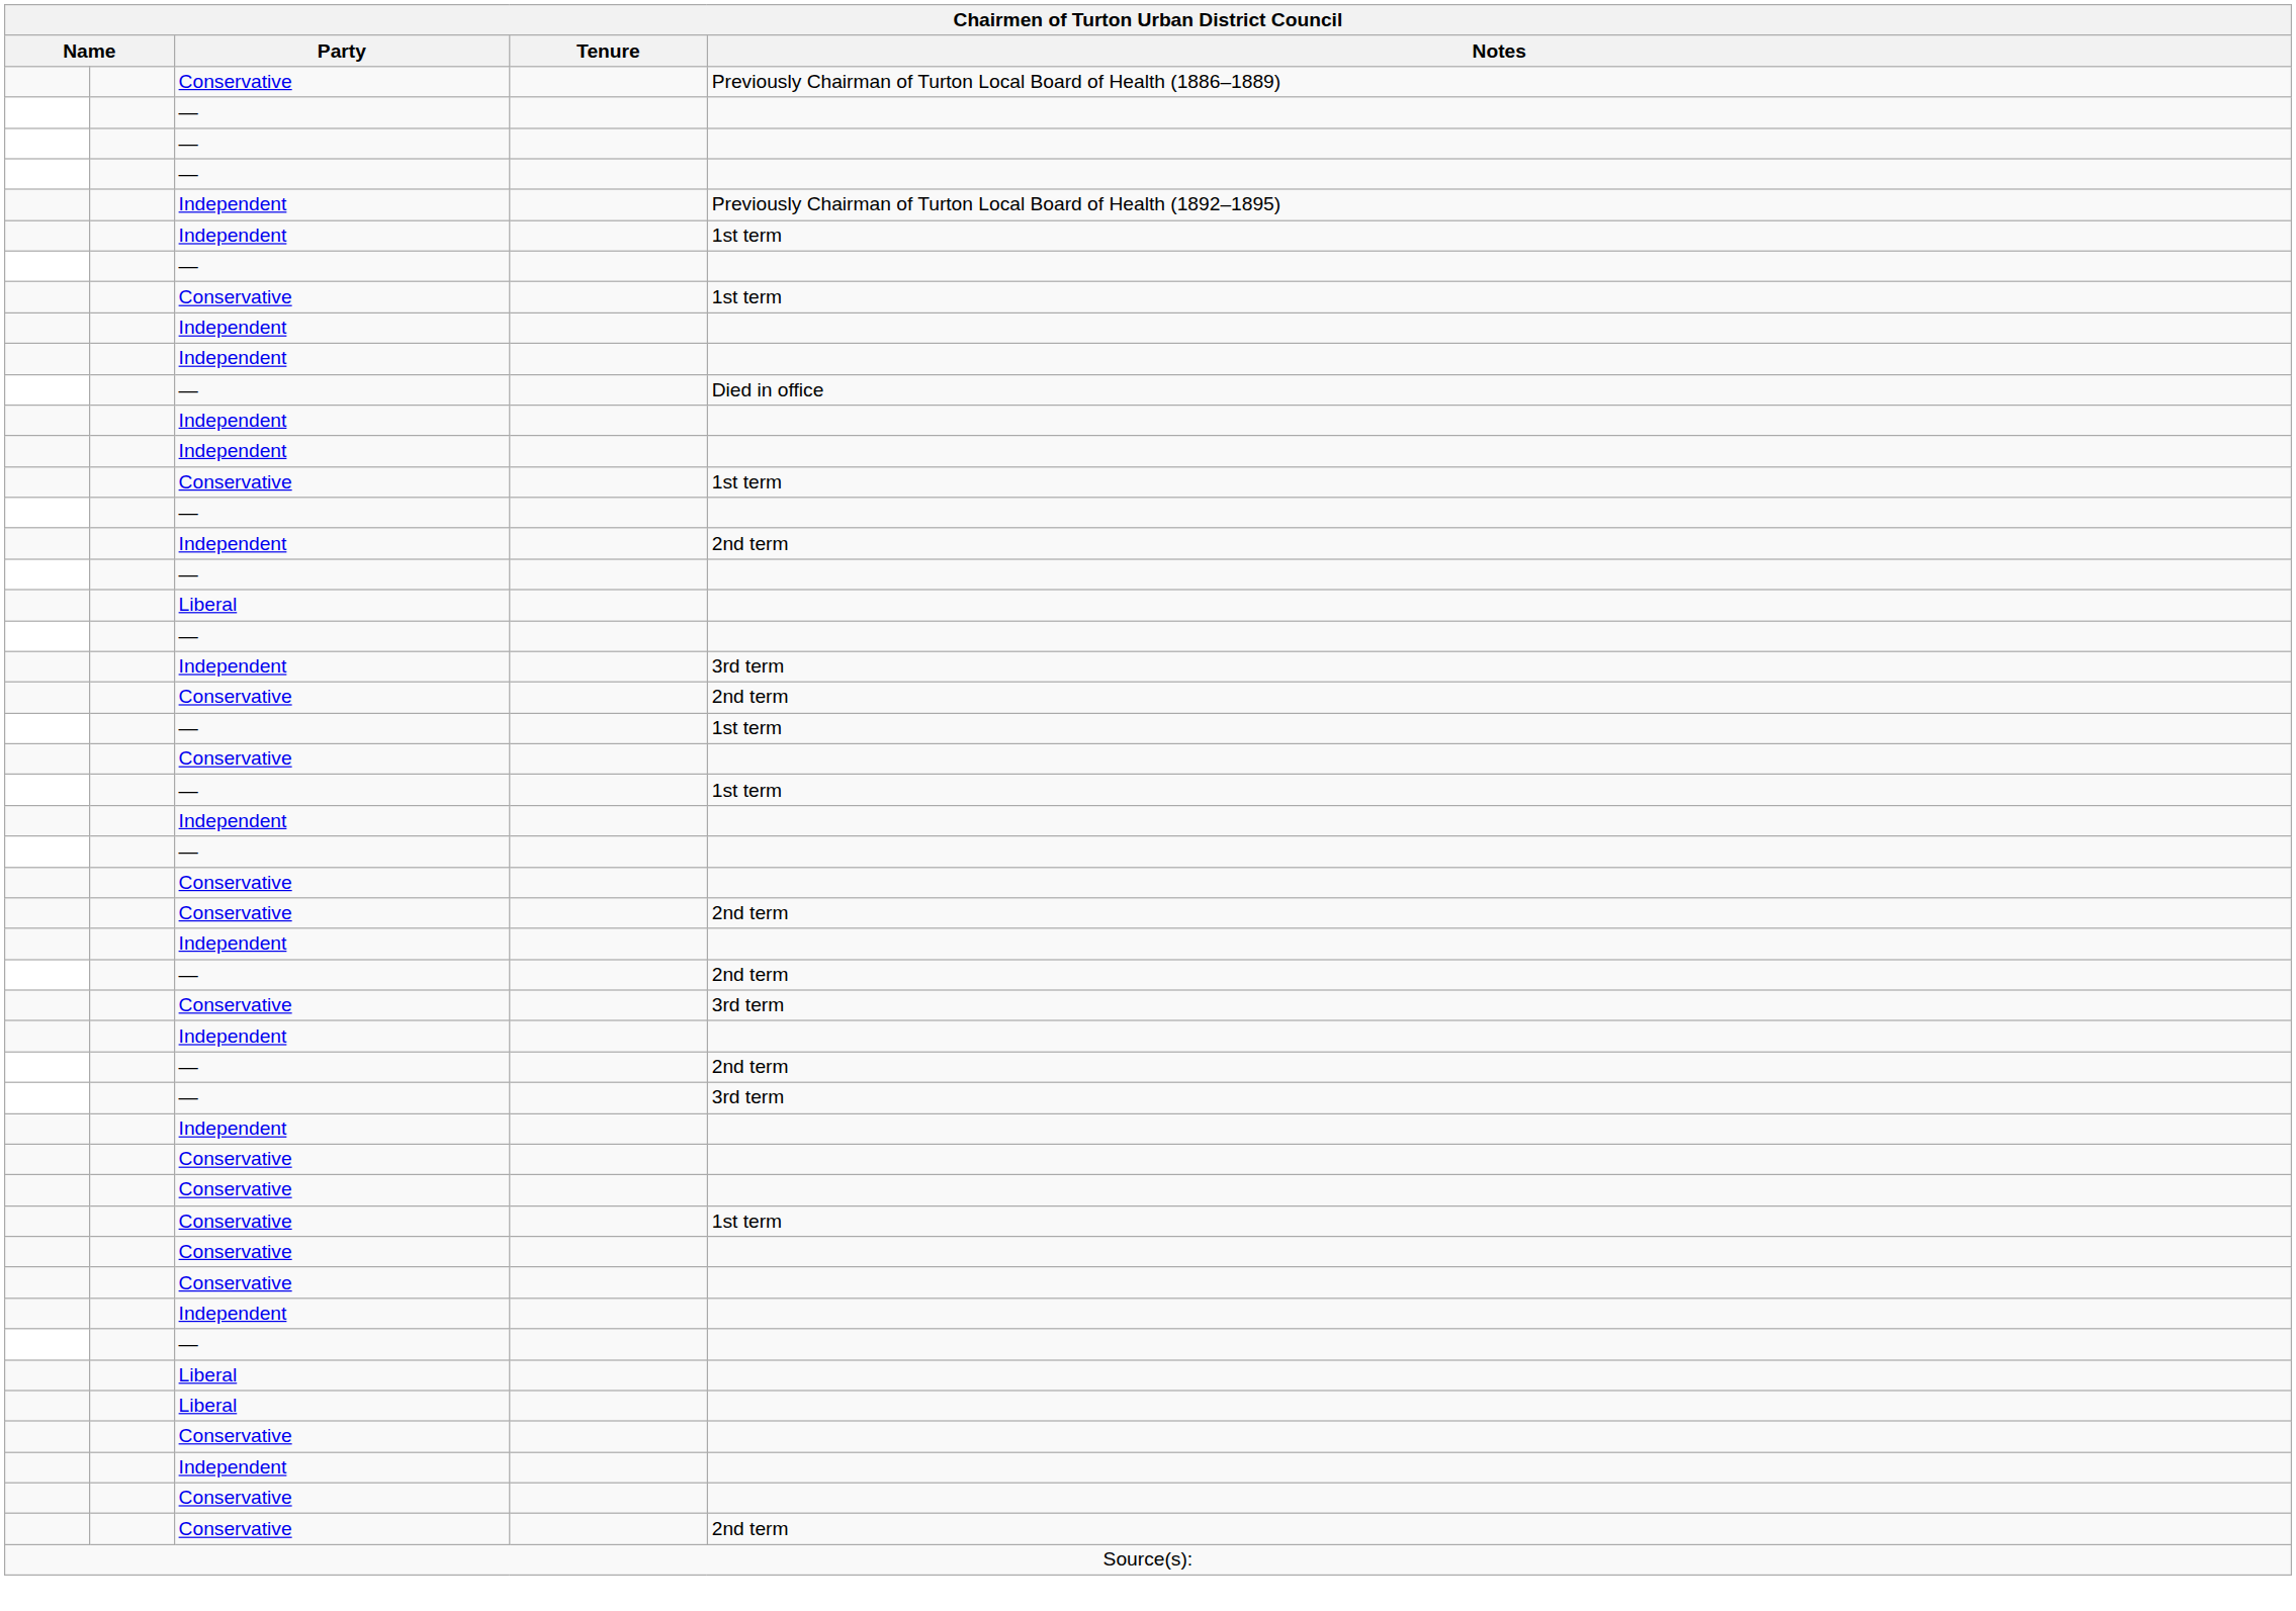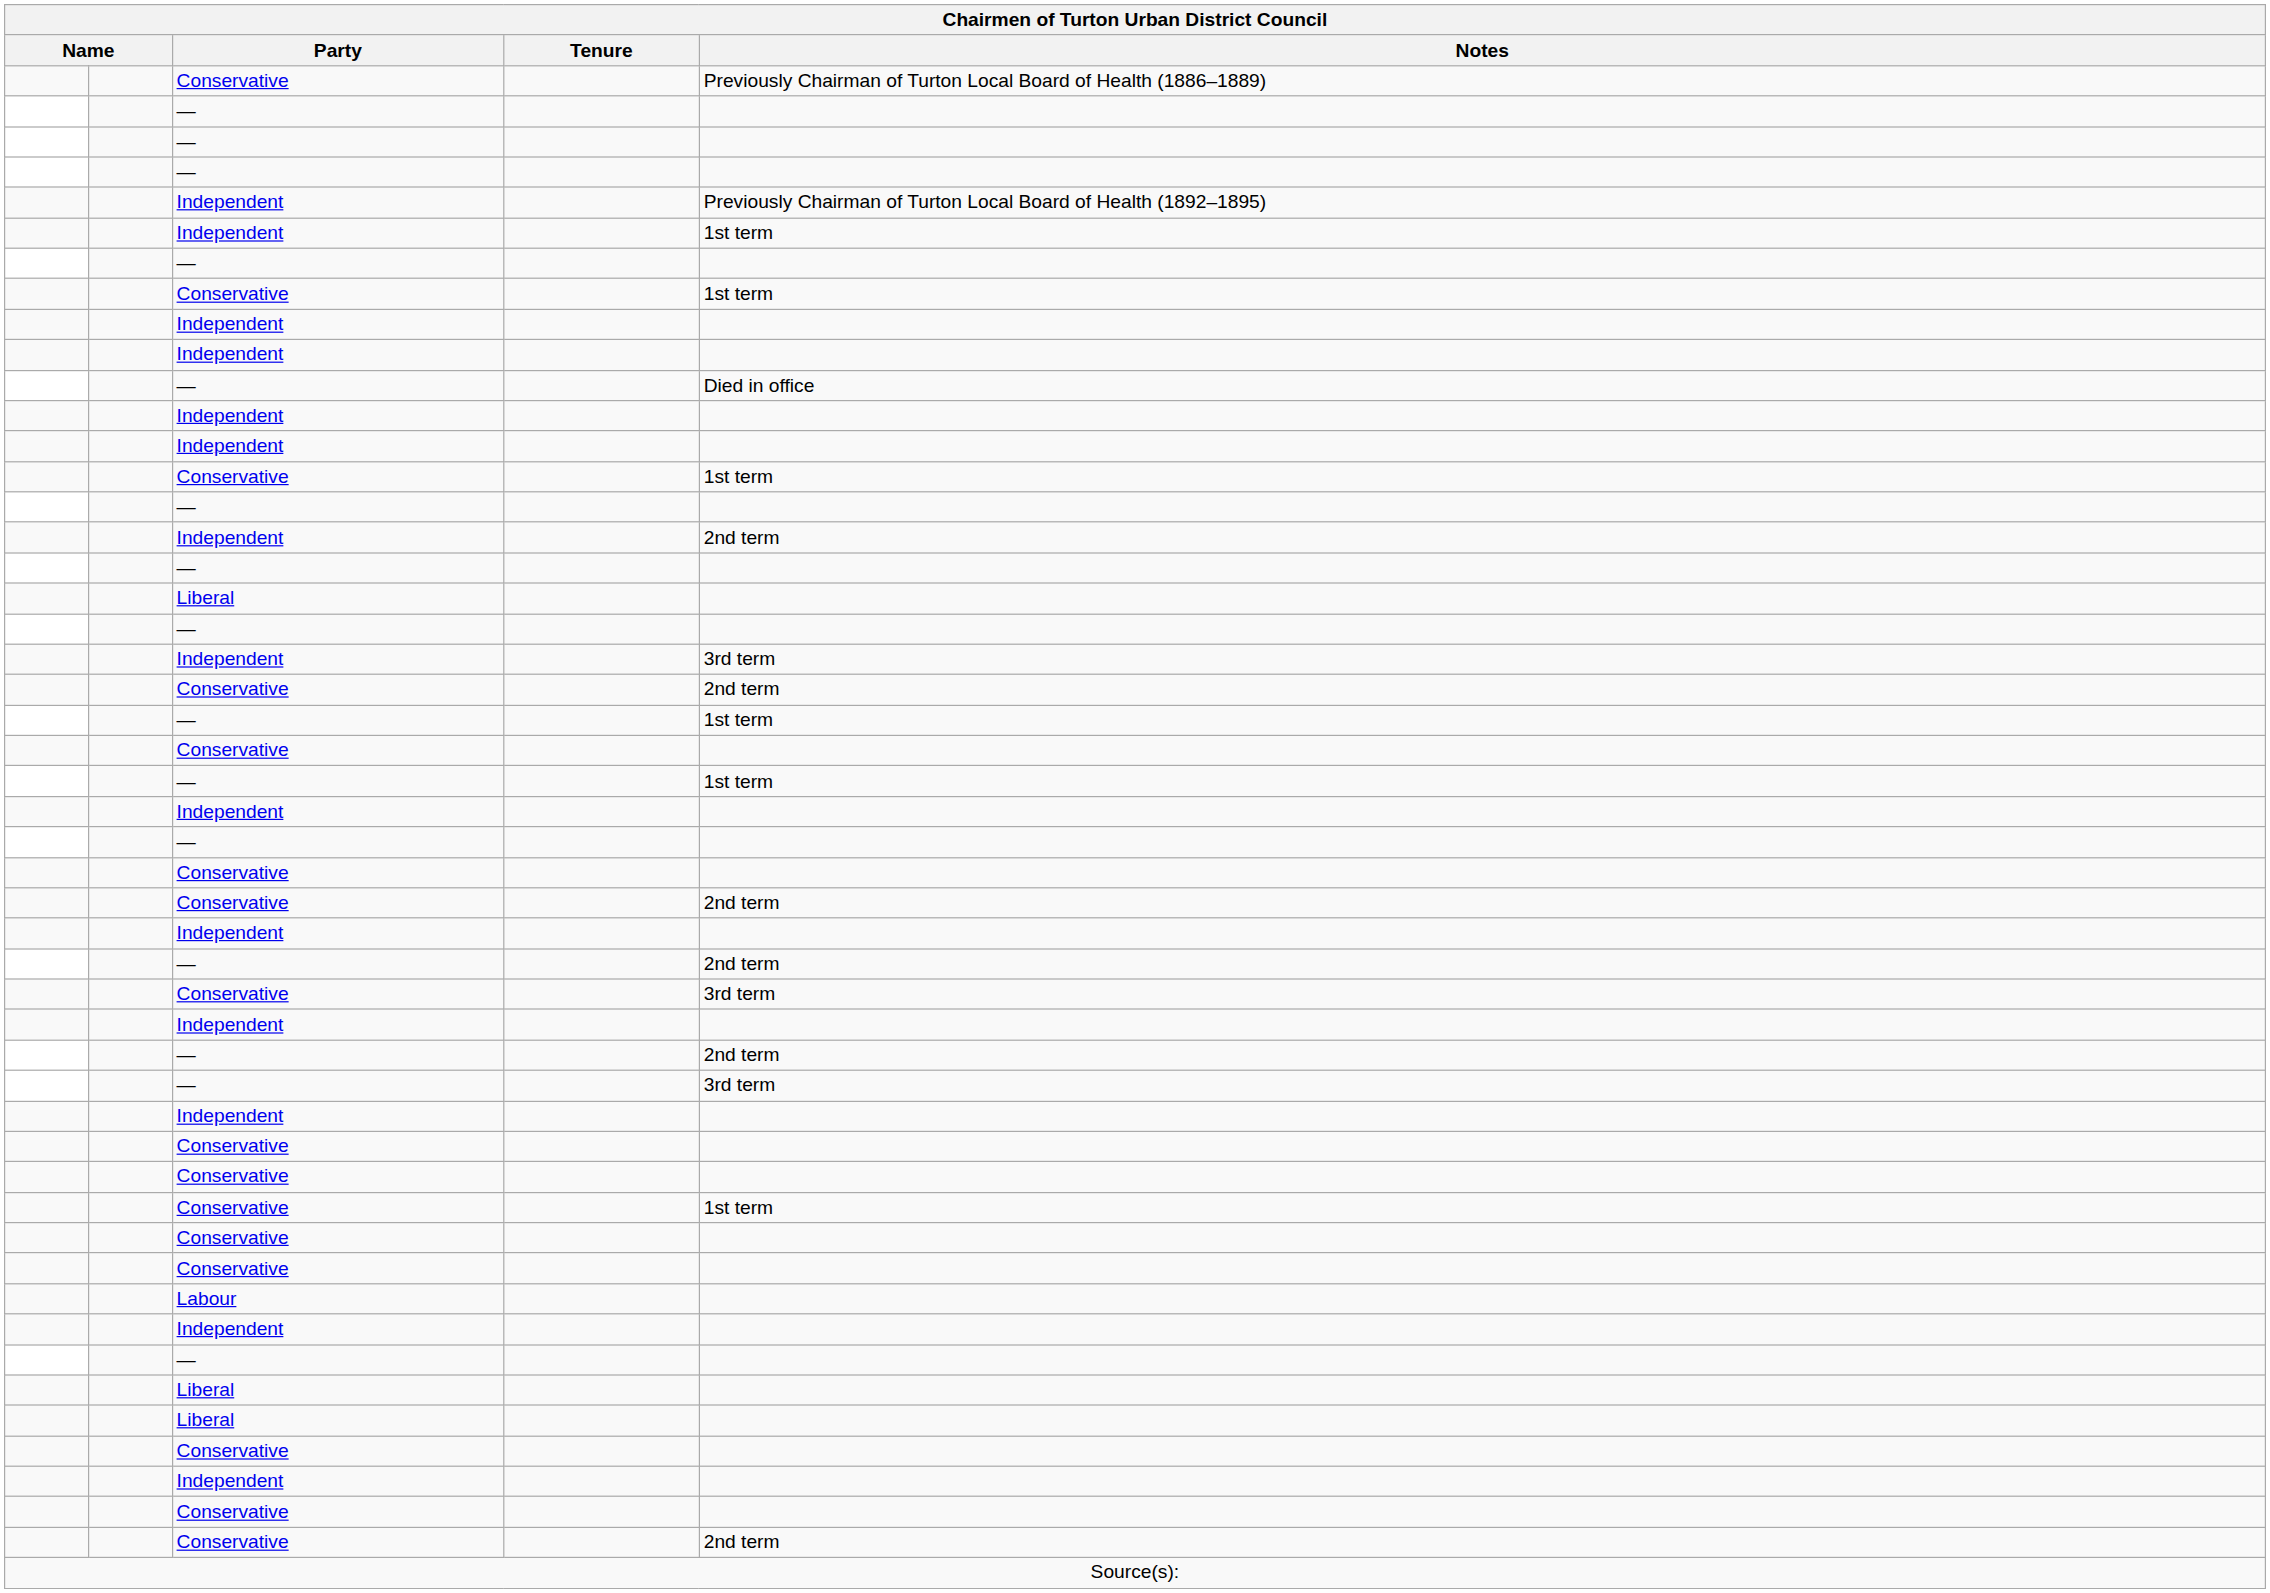 <table class="wikitable sortable" style="width: 95%;">
 <tr>
 <th colspan="5">Chairmen of Turton Urban District Council</th>
 </tr>
 <tr>
 <th colspan=2>Name</th>
 <th>Party</th>
 <th>Tenure</th>
 <th class=unsortable>Notes</th>
 </tr>
 <tr>
 <td style="background-color: "></td>
 <td></td>
 <td><a href='#'>Conservative</a></td>
 <td></td>
 <td>Previously Chairman of Turton Local Board of Health (1886–1889)</td>
 </tr>
 <tr>
 <td style="background-color:#FFFFFF"></td>
 <td></td>
 <td>—</td>
 <td></td>
 <td></td>
 </tr>
 <tr>
 <td style="background-color:#FFFFFF"></td>
 <td></td>
 <td>—</td>
 <td></td>
 <td></td>
 </tr>
 <tr>
 <td style="background-color:#FFFFFF"></td>
 <td></td>
 <td>—</td>
 <td></td>
 <td></td>
 </tr>
 <tr>
 <td style="background-color: "></td>
 <td></td>
 <td><a href='#'>Independent</a></td>
 <td></td>
 <td>Previously Chairman of Turton Local Board of Health (1892–1895)</td>
 </tr>
 <tr>
 <td style="background-color: "></td>
 <td></td>
 <td><a href='#'>Independent</a></td>
 <td></td>
 <td>1st term</td>
 </tr>
 <tr>
 <td style="background-color:#FFFFFF"></td>
 <td></td>
 <td>—</td>
 <td></td>
 <td></td>
 </tr>
 <tr>
 <td style="background-color: "></td>
 <td></td>
 <td><a href='#'>Conservative</a></td>
 <td></td>
 <td>1st term</td>
 </tr>
 <tr>
 <td style="background-color: "></td>
 <td></td>
 <td><a href='#'>Independent</a></td>
 <td></td>
 <td></td>
 </tr>
 <tr>
 <td style="background-color: "></td>
 <td></td>
 <td><a href='#'>Independent</a></td>
 <td></td>
 <td></td>
 </tr>
 <tr>
 <td style="background-color:#FFFFFF"></td>
 <td></td>
 <td>—</td>
 <td></td>
 <td>Died in office</td>
 </tr>
 <tr>
 <td style="background-color: "></td>
 <td></td>
 <td><a href='#'>Independent</a></td>
 <td></td>
 <td></td>
 </tr>
 <tr>
 <td style="background-color: "></td>
 <td></td>
 <td><a href='#'>Independent</a></td>
 <td></td>
 <td></td>
 </tr>
 <tr>
 <td style="background-color: "></td>
 <td></td>
 <td><a href='#'>Conservative</a></td>
 <td></td>
 <td>1st term</td>
 </tr>
 <tr>
 <td style="background-color:#FFFFFF"></td>
 <td></td>
 <td>—</td>
 <td></td>
 <td></td>
 </tr>
 <tr>
 <td style="background-color: "></td>
 <td></td>
 <td><a href='#'>Independent</a></td>
 <td></td>
 <td>2nd term</td>
 </tr>
 <tr>
 <td style="background-color:#FFFFFF"></td>
 <td></td>
 <td>—</td>
 <td></td>
 <td></td>
 </tr>
 <tr>
 <td style="background-color: "></td>
 <td></td>
 <td><a href='#'>Liberal</a></td>
 <td></td>
 <td></td>
 </tr>
 <tr>
 <td style="background-color:#FFFFFF"></td>
 <td></td>
 <td>—</td>
 <td></td>
 <td></td>
 </tr>
 <tr>
 <td style="background-color: "></td>
 <td></td>
 <td><a href='#'>Independent</a></td>
 <td></td>
 <td>3rd term</td>
 </tr>
 <tr>
 <td style="background-color: "></td>
 <td></td>
 <td><a href='#'>Conservative</a></td>
 <td></td>
 <td>2nd term</td>
 </tr>
 <tr>
 <td style="background-color:#FFFFFF"></td>
 <td></td>
 <td>—</td>
 <td></td>
 <td>1st term</td>
 </tr>
 <tr>
 <td style="background-color: "></td>
 <td></td>
 <td><a href='#'>Conservative</a></td>
 <td></td>
 <td></td>
 </tr>
 <tr>
 <td style="background-color:#FFFFFF"></td>
 <td></td>
 <td>—</td>
 <td></td>
 <td>1st term</td>
 </tr>
 <tr>
 <td style="background-color: "></td>
 <td></td>
 <td><a href='#'>Independent</a></td>
 <td></td>
 <td></td>
 </tr>
 <tr>
 <td style="background-color:#FFFFFF"></td>
 <td></td>
 <td>—</td>
 <td></td>
 <td></td>
 </tr>
 <tr>
 <td style="background-color: "></td>
 <td></td>
 <td><a href='#'>Conservative</a></td>
 <td></td>
 <td></td>
 </tr>
 <tr>
 <td style="background-color: "></td>
 <td></td>
 <td><a href='#'>Conservative</a></td>
 <td></td>
 <td>2nd term</td>
 </tr>
 <tr>
 <td style="background-color: "></td>
 <td></td>
 <td><a href='#'>Independent</a></td>
 <td></td>
 <td></td>
 </tr>
 <tr>
 <td style="background-color:#FFFFFF"></td>
 <td></td>
 <td>—</td>
 <td></td>
 <td>2nd term</td>
 </tr>
 <tr>
 <td style="background-color: "></td>
 <td></td>
 <td><a href='#'>Conservative</a></td>
 <td></td>
 <td>3rd term</td>
 </tr>
 <tr>
 <td style="background-color: "></td>
 <td></td>
 <td><a href='#'>Independent</a></td>
 <td></td>
 <td></td>
 </tr>
 <tr>
 <td style="background-color:#FFFFFF"></td>
 <td></td>
 <td>—</td>
 <td></td>
 <td>2nd term</td>
 </tr>
 <tr>
 <td style="background-color:#FFFFFF"></td>
 <td></td>
 <td>—</td>
 <td></td>
 <td>3rd term</td>
 </tr>
 <tr>
 <td style="background-color: "></td>
 <td></td>
 <td><a href='#'>Independent</a></td>
 <td></td>
 <td></td>
 </tr>
 <tr>
 <td style="background-color: "></td>
 <td></td>
 <td><a href='#'>Conservative</a></td>
 <td></td>
 <td></td>
 </tr>
 <tr>
 <td style="background-color: "></td>
 <td></td>
 <td><a href='#'>Conservative</a></td>
 <td></td>
 <td></td>
 </tr>
 <tr>
 <td style="background-color: "></td>
 <td></td>
 <td><a href='#'>Conservative</a></td>
 <td></td>
 <td>1st term</td>
 </tr>
 <tr>
 <td style="background-color: "></td>
 <td></td>
 <td><a href='#'>Conservative</a></td>
 <td></td>
 <td></td>
 </tr>
 <tr>
 <td style="background-color: "></td>
 <td></td>
 <td><a href='#'>Conservative</a></td>
 <td></td>
 <td></td>
 </tr>
 <tr>
 <td style="background-color: "></td>
 <td></td>
+<td><a href='#'>Labour</a></td>
+<td></td>
+<td></td>
+</tr>
+<tr>
+<td style="background-color: "></td>
+<td></td>
 <td><a href='#'>Independent</a></td>
 <td></td>
 <td></td>
 </tr>
 <tr>
 <td style="background-color:#FFFFFF"></td>
 <td></td>
 <td>—</td>
 <td></td>
 <td></td>
 </tr>
 <tr>
 <td style="background-color: "></td>
 <td></td>
 <td><a href='#'>Liberal</a></td>
 <td></td>
 <td></td>
 </tr>
 <tr>
 <td style="background-color: "></td>
 <td></td>
 <td><a href='#'>Liberal</a></td>
 <td></td>
 <td></td>
 </tr>
 <tr>
 <td style="background-color: "></td>
 <td></td>
 <td><a href='#'>Conservative</a></td>
 <td></td>
 <td></td>
 </tr>
 <tr>
 <td style="background-color: "></td>
 <td></td>
 <td><a href='#'>Independent</a></td>
 <td></td>
 <td></td>
 </tr>
 <tr>
 <td style="background-color: "></td>
 <td></td>
 <td><a href='#'>Conservative</a></td>
 <td></td>
 <td></td>
 </tr>
 <tr>
 <td style="background-color: "></td>
 <td></td>
 <td><a href='#'>Conservative</a></td>
 <td></td>
 <td>2nd term</td>
 </tr>
 <tr class="sortbottom">
 <td colspan="5" align="center" class=unsortable>Source(s):</td>
 </tr>
 </table>
